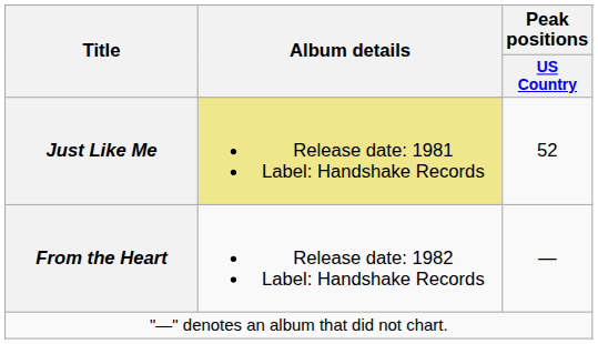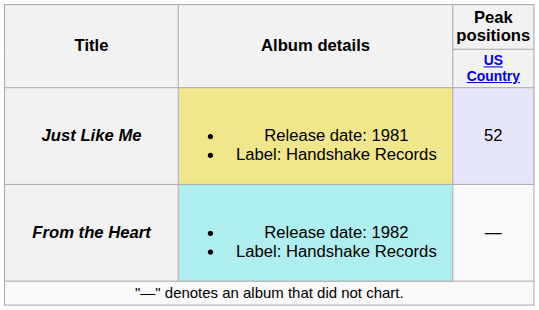 <table class="wikitable plainrowheaders" style="text-align:center;">
 <tr>
 <th rowspan="2" style="width:10em;">Title</th>
 <th rowspan="2" style="width:16em;">Album details</th>
 <th>Peak positions</th>
 </tr>
 <tr style="font-size:smaller;">
 <th width="65"><a href='#'>US Country</a></th>
 </tr>
 <tr>
 <th scope="row"><em>Just Like Me</em></th>
 <td style="background: khaki;"><br><ul><li>Release date: 1981</li><li>Label: Handshake Records</li></ul></td>
-<td>52</td>
+<td style="background: lavender;">52</td>
 </tr>
 <tr>
 <th scope="row"><em>From the Heart</em></th>
-<td><br><ul><li>Release date: 1982</li><li>Label: Handshake Records</li></ul></td>
+<td style="background: paleturquoise;"><br><ul><li>Release date: 1982</li><li>Label: Handshake Records</li></ul></td>
 <td>—</td>
 </tr>
 <tr>
 <td colspan="14" style="font-size:90%">"—" denotes an album that did not chart.</td>
 </tr>
 </table>
